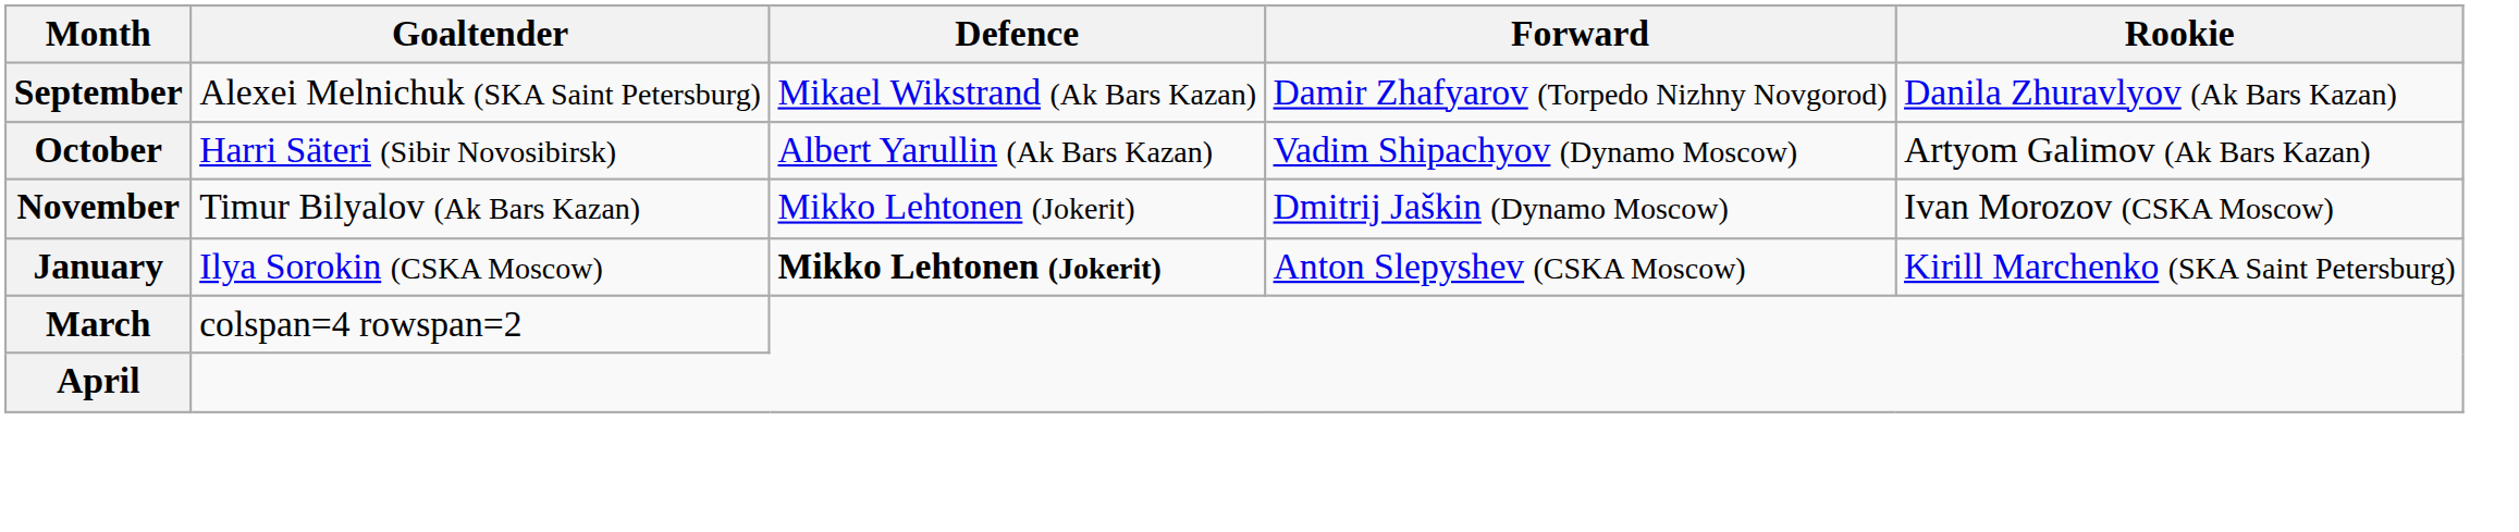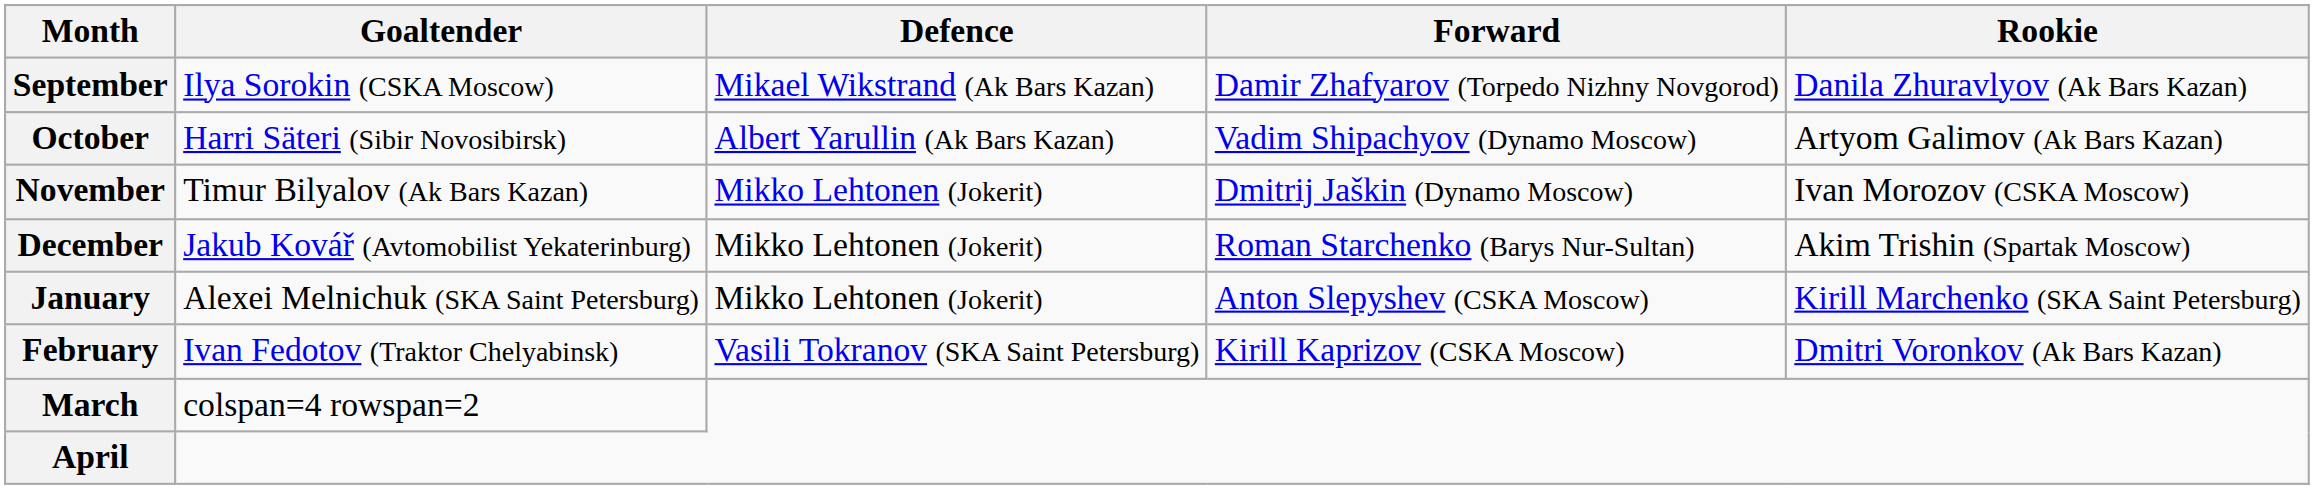 <table class="wikitable" style="text-align:left;">
 <tr>
 <th>Month</th>
 <th>Goaltender</th>
 <th>Defence</th>
 <th>Forward</th>
 <th>Rookie</th>
 </tr>
 <tr>
 <th scope="row">September</th>
-<td> Alexei Melnichuk <small>(SKA Saint Petersburg)</small></td>
+<td> <a href='#'>Ilya Sorokin</a> <small>(CSKA Moscow)</small></td>
 <td> <a href='#'>Mikael Wikstrand</a> <small>(Ak Bars Kazan)</small></td>
 <td> <a href='#'>Damir Zhafyarov</a> <small>(Torpedo Nizhny Novgorod)</small></td>
 <td> <a href='#'>Danila Zhuravlyov</a> <small>(Ak Bars Kazan)</small></td>
 </tr>
 <tr>
 <th scope="row">October</th>
 <td> <a href='#'>Harri Säteri</a> <small>(Sibir Novosibirsk)</small></td>
 <td> <a href='#'>Albert Yarullin</a> <small>(Ak Bars Kazan)</small></td>
 <td> <a href='#'>Vadim Shipachyov</a> <small>(Dynamo Moscow)</small></td>
 <td> Artyom Galimov <small>(Ak Bars Kazan)</small></td>
 </tr>
 <tr>
 <th scope="row">November</th>
 <td> Timur Bilyalov <small>(Ak Bars Kazan)</small></td>
 <td> <a href='#'>Mikko Lehtonen</a> <small>(Jokerit)</small></td>
 <td> <a href='#'>Dmitrij Jaškin</a> <small>(Dynamo Moscow)</small></td>
 <td> Ivan Morozov <small>(CSKA Moscow)</small></td>
 </tr>
 <tr>
+<th scope="row">December</th>
+<td> <a href='#'>Jakub Kovář</a> <small>(Avtomobilist Yekaterinburg)</small></td>
+<td> Mikko Lehtonen <small>(Jokerit)</small></td>
+<td> <a href='#'>Roman Starchenko</a> <small>(Barys Nur-Sultan)</small></td>
+<td> Akim Trishin <small>(Spartak Moscow)</small></td>
+</tr>
+<tr>
 <th scope="row">January</th>
-<td> <a href='#'>Ilya Sorokin</a> <small>(CSKA Moscow)</small></td>
-<td><strong> Mikko Lehtonen <small>(Jokerit)</small></strong></td>
+<td> Alexei Melnichuk <small>(SKA Saint Petersburg)</small></td>
+<td> Mikko Lehtonen <small>(Jokerit)</small></td>
 <td> <a href='#'>Anton Slepyshev</a> <small>(CSKA Moscow)</small></td>
 <td> <a href='#'>Kirill Marchenko</a> <small>(SKA Saint Petersburg)</small></td>
+</tr>
+<tr>
+<th scope="row">February</th>
+<td> <a href='#'>Ivan Fedotov</a> <small>(Traktor Chelyabinsk)</small></td>
+<td> <a href='#'>Vasili Tokranov</a> <small>(SKA Saint Petersburg)</small></td>
+<td> <a href='#'>Kirill Kaprizov</a> <small>(CSKA Moscow)</small></td>
+<td> <a href='#'>Dmitri Voronkov</a> <small>(Ak Bars Kazan)</small></td>
 </tr>
 <tr>
 <th scope="row">March</th>
 <td>colspan=4 rowspan=2 </td>
 </tr>
 <tr>
 <th scope="row">April</th>
 </tr>
 </table>
